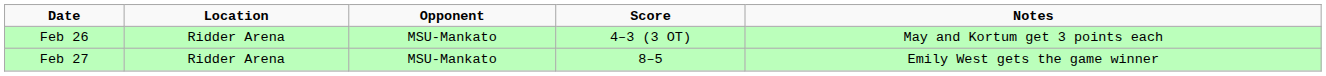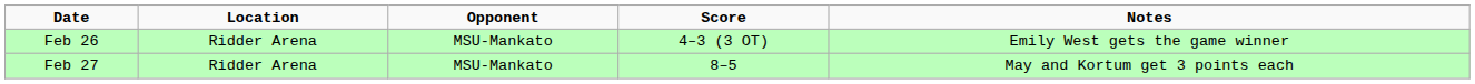 <table class="wikitable" width="80%" style="text-align:center;">
 <tr align="center">
 <td><strong>Date</strong></td>
 <td><strong>Location</strong></td>
 <td><strong>Opponent</strong></td>
 <td><strong>Score</strong></td>
 <td><strong>Notes</strong></td>
 </tr>
 <tr align="center" bgcolor="#bbffbb">
 <td>Feb 26</td>
 <td>Ridder Arena</td>
 <td>MSU-Mankato</td>
 <td>4–3 (3 OT)</td>
-<td>May and Kortum get 3 points each</td>
+<td>Emily West gets the game winner</td>
 </tr>
 <tr align="center" bgcolor="#bbffbb">
 <td>Feb 27</td>
 <td>Ridder Arena</td>
 <td>MSU-Mankato</td>
 <td>8–5</td>
-<td>Emily West gets the game winner</td>
+<td>May and Kortum get 3 points each</td>
 </tr>
 </table>
